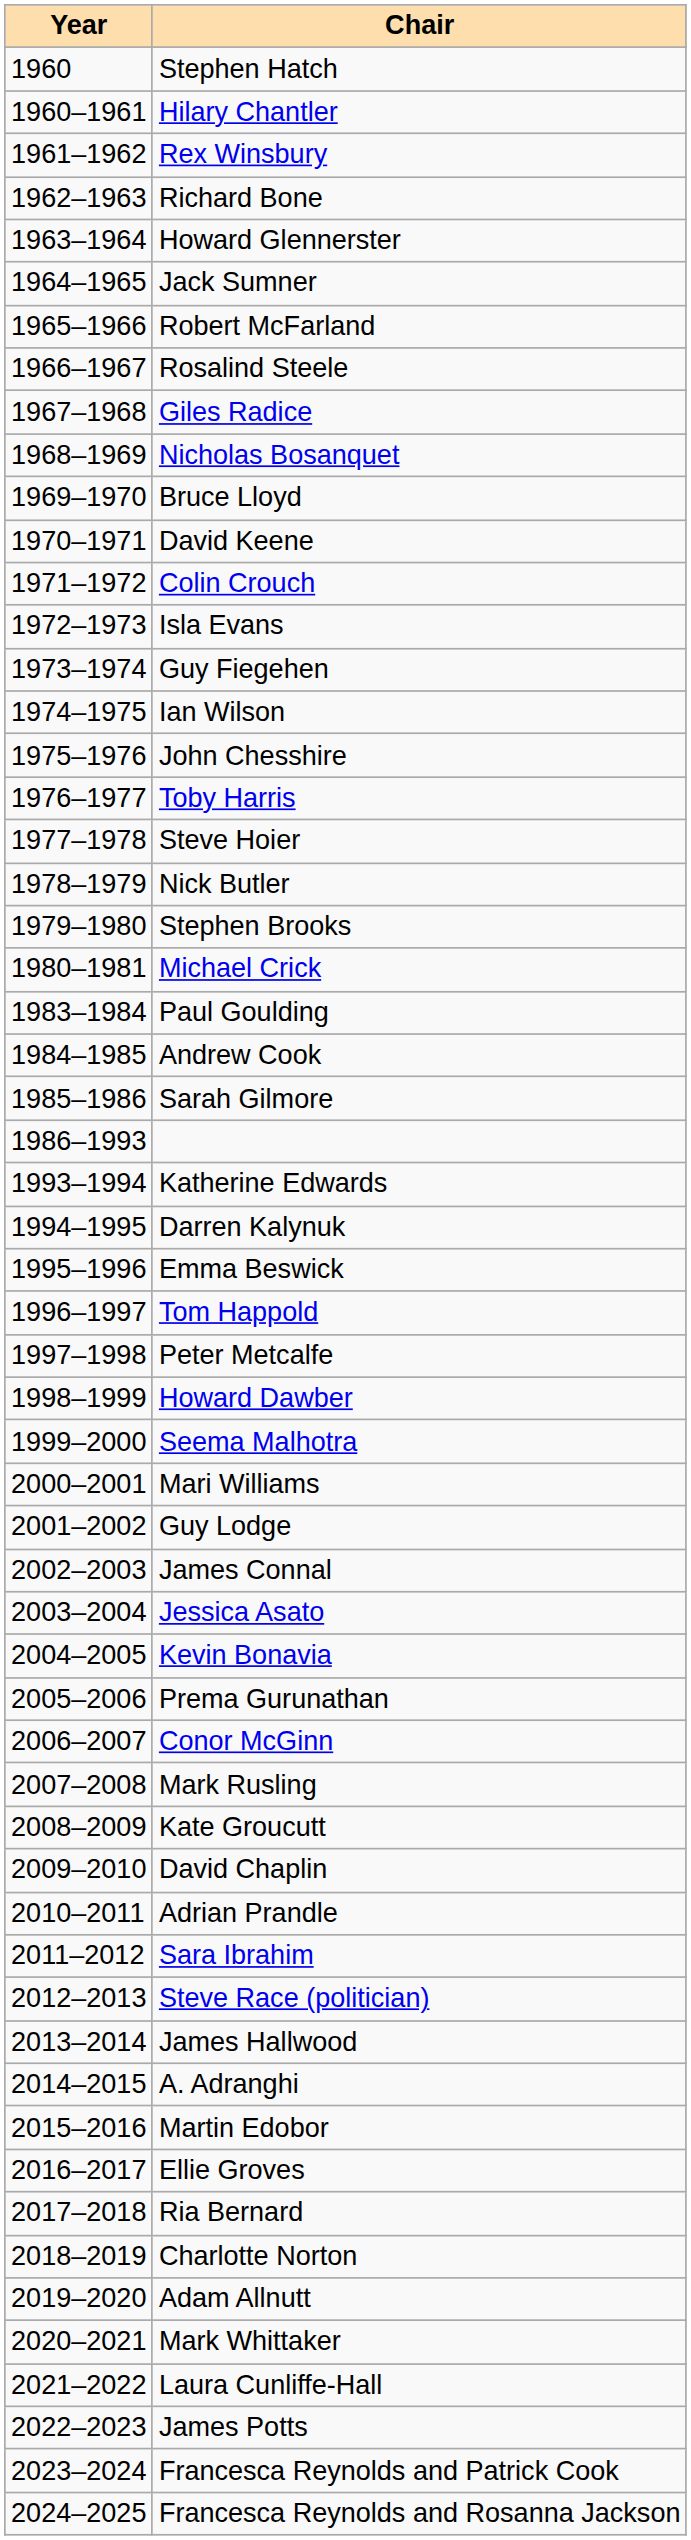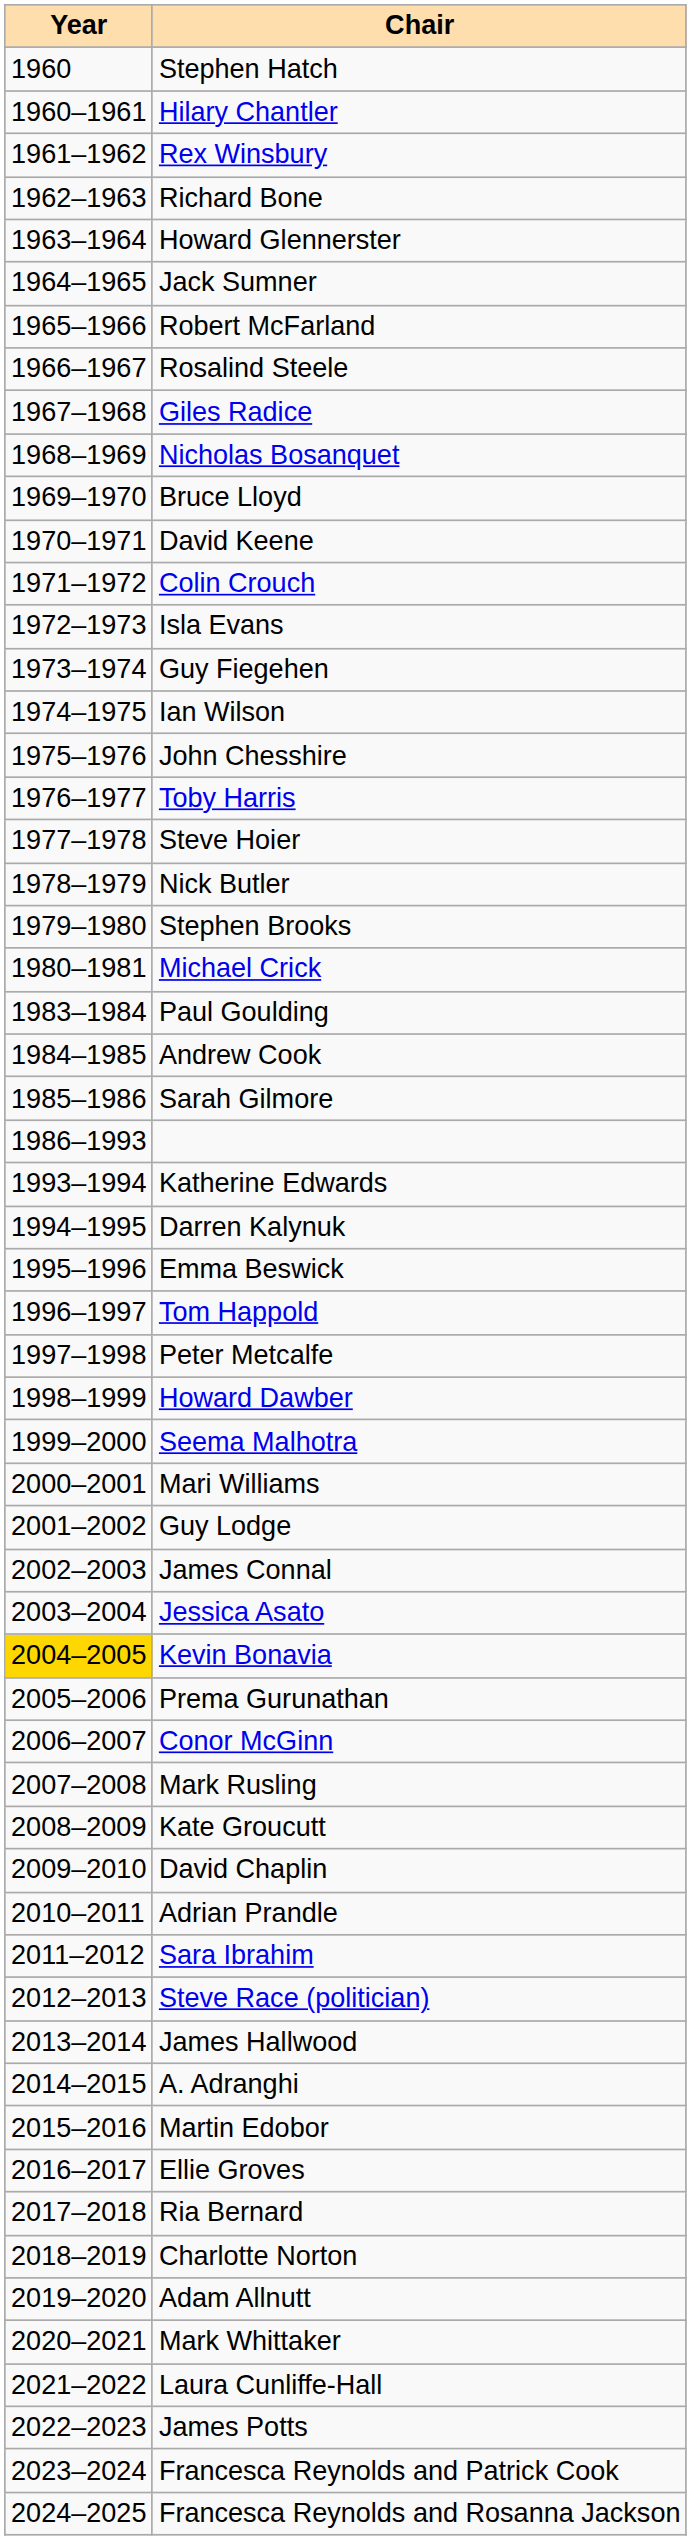 <table class="sortable wikitable" align="center">
 <tr>
 <th style="background:#ffdead;">Year</th>
 <th style="background:#ffdead;">Chair</th>
 </tr>
 <tr>
 <td>1960</td>
 <td>Stephen Hatch</td>
 </tr>
 <tr>
 <td>1960–1961</td>
 <td><a href='#'>Hilary Chantler</a></td>
 </tr>
 <tr>
 <td>1961–1962</td>
 <td><a href='#'>Rex Winsbury</a></td>
 </tr>
 <tr>
 <td>1962–1963</td>
 <td>Richard Bone</td>
 </tr>
 <tr>
 <td>1963–1964</td>
 <td>Howard Glennerster</td>
 </tr>
 <tr>
 <td>1964–1965</td>
 <td>Jack Sumner</td>
 </tr>
 <tr>
 <td>1965–1966</td>
 <td>Robert McFarland</td>
 </tr>
 <tr>
 <td>1966–1967</td>
 <td>Rosalind Steele</td>
 </tr>
 <tr>
 <td>1967–1968</td>
 <td><a href='#'>Giles Radice</a></td>
 </tr>
 <tr>
 <td>1968–1969</td>
 <td><a href='#'>Nicholas Bosanquet</a></td>
 </tr>
 <tr>
 <td>1969–1970</td>
 <td>Bruce Lloyd</td>
 </tr>
 <tr>
 <td>1970–1971</td>
 <td>David Keene</td>
 </tr>
 <tr>
 <td>1971–1972</td>
 <td><a href='#'>Colin Crouch</a></td>
 </tr>
 <tr>
 <td>1972–1973</td>
 <td>Isla Evans</td>
 </tr>
 <tr>
 <td>1973–1974</td>
 <td>Guy Fiegehen</td>
 </tr>
 <tr>
 <td>1974–1975</td>
 <td>Ian Wilson</td>
 </tr>
 <tr>
 <td>1975–1976</td>
 <td>John Chesshire</td>
 </tr>
 <tr>
 <td>1976–1977</td>
 <td><a href='#'>Toby Harris</a></td>
 </tr>
 <tr>
 <td>1977–1978</td>
 <td>Steve Hoier</td>
 </tr>
 <tr>
 <td>1978–1979</td>
 <td>Nick Butler</td>
 </tr>
 <tr>
 <td>1979–1980</td>
 <td>Stephen Brooks</td>
 </tr>
 <tr>
 <td>1980–1981</td>
 <td><a href='#'>Michael Crick</a></td>
 </tr>
 <tr>
 <td>1983–1984</td>
 <td>Paul Goulding</td>
 </tr>
 <tr>
 <td>1984–1985</td>
 <td>Andrew Cook</td>
 </tr>
 <tr>
 <td>1985–1986</td>
 <td>Sarah Gilmore</td>
 </tr>
 <tr>
 <td>1986–1993</td>
 <td></td>
 </tr>
 <tr>
 <td>1993–1994</td>
 <td>Katherine Edwards</td>
 </tr>
 <tr>
 <td>1994–1995</td>
 <td>Darren Kalynuk</td>
 </tr>
 <tr>
 <td>1995–1996</td>
 <td>Emma Beswick</td>
 </tr>
 <tr>
 <td>1996–1997</td>
 <td><a href='#'>Tom Happold</a></td>
 </tr>
 <tr>
 <td>1997–1998</td>
 <td>Peter Metcalfe</td>
 </tr>
 <tr>
 <td>1998–1999</td>
 <td><a href='#'>Howard Dawber</a></td>
 </tr>
 <tr>
 <td>1999–2000</td>
 <td><a href='#'>Seema Malhotra</a></td>
 </tr>
 <tr>
 <td>2000–2001</td>
 <td>Mari Williams</td>
 </tr>
 <tr>
 <td>2001–2002</td>
 <td>Guy Lodge</td>
 </tr>
 <tr>
 <td>2002–2003</td>
 <td>James Connal</td>
 </tr>
 <tr>
 <td>2003–2004</td>
 <td><a href='#'>Jessica Asato</a></td>
 </tr>
 <tr>
-<td>2004–2005</td>
+<td style="background: gold;">2004–2005</td>
 <td><a href='#'>Kevin Bonavia</a></td>
 </tr>
 <tr>
 <td>2005–2006</td>
 <td>Prema Gurunathan</td>
 </tr>
 <tr>
 <td>2006–2007</td>
 <td><a href='#'>Conor McGinn</a></td>
 </tr>
 <tr>
 <td>2007–2008</td>
 <td>Mark Rusling</td>
 </tr>
 <tr>
 <td>2008–2009</td>
 <td>Kate Groucutt</td>
 </tr>
 <tr>
 <td>2009–2010</td>
 <td>David Chaplin</td>
 </tr>
 <tr>
 <td>2010–2011</td>
 <td>Adrian Prandle</td>
 </tr>
 <tr>
 <td>2011–2012</td>
 <td><a href='#'>Sara Ibrahim</a></td>
 </tr>
 <tr>
 <td>2012–2013</td>
 <td><a href='#'>Steve Race (politician)</a></td>
 </tr>
 <tr>
 <td>2013–2014</td>
 <td>James Hallwood</td>
 </tr>
 <tr>
 <td>2014–2015</td>
 <td>A. Adranghi</td>
 </tr>
 <tr>
 <td>2015–2016</td>
 <td>Martin Edobor</td>
 </tr>
 <tr>
 <td>2016–2017</td>
 <td>Ellie Groves</td>
 </tr>
 <tr>
 <td>2017–2018</td>
 <td>Ria Bernard</td>
 </tr>
 <tr>
 <td>2018–2019</td>
 <td>Charlotte Norton</td>
 </tr>
 <tr>
 <td>2019–2020</td>
 <td>Adam Allnutt</td>
 </tr>
 <tr>
 <td>2020–2021</td>
 <td>Mark Whittaker</td>
 </tr>
 <tr>
 <td>2021–2022</td>
 <td>Laura Cunliffe-Hall</td>
 </tr>
 <tr>
 <td>2022–2023</td>
 <td>James Potts</td>
 </tr>
 <tr>
 <td>2023–2024</td>
 <td>Francesca Reynolds and Patrick Cook</td>
 </tr>
 <tr>
 <td>2024–2025</td>
 <td>Francesca Reynolds and Rosanna Jackson</td>
 </tr>
 </table>
